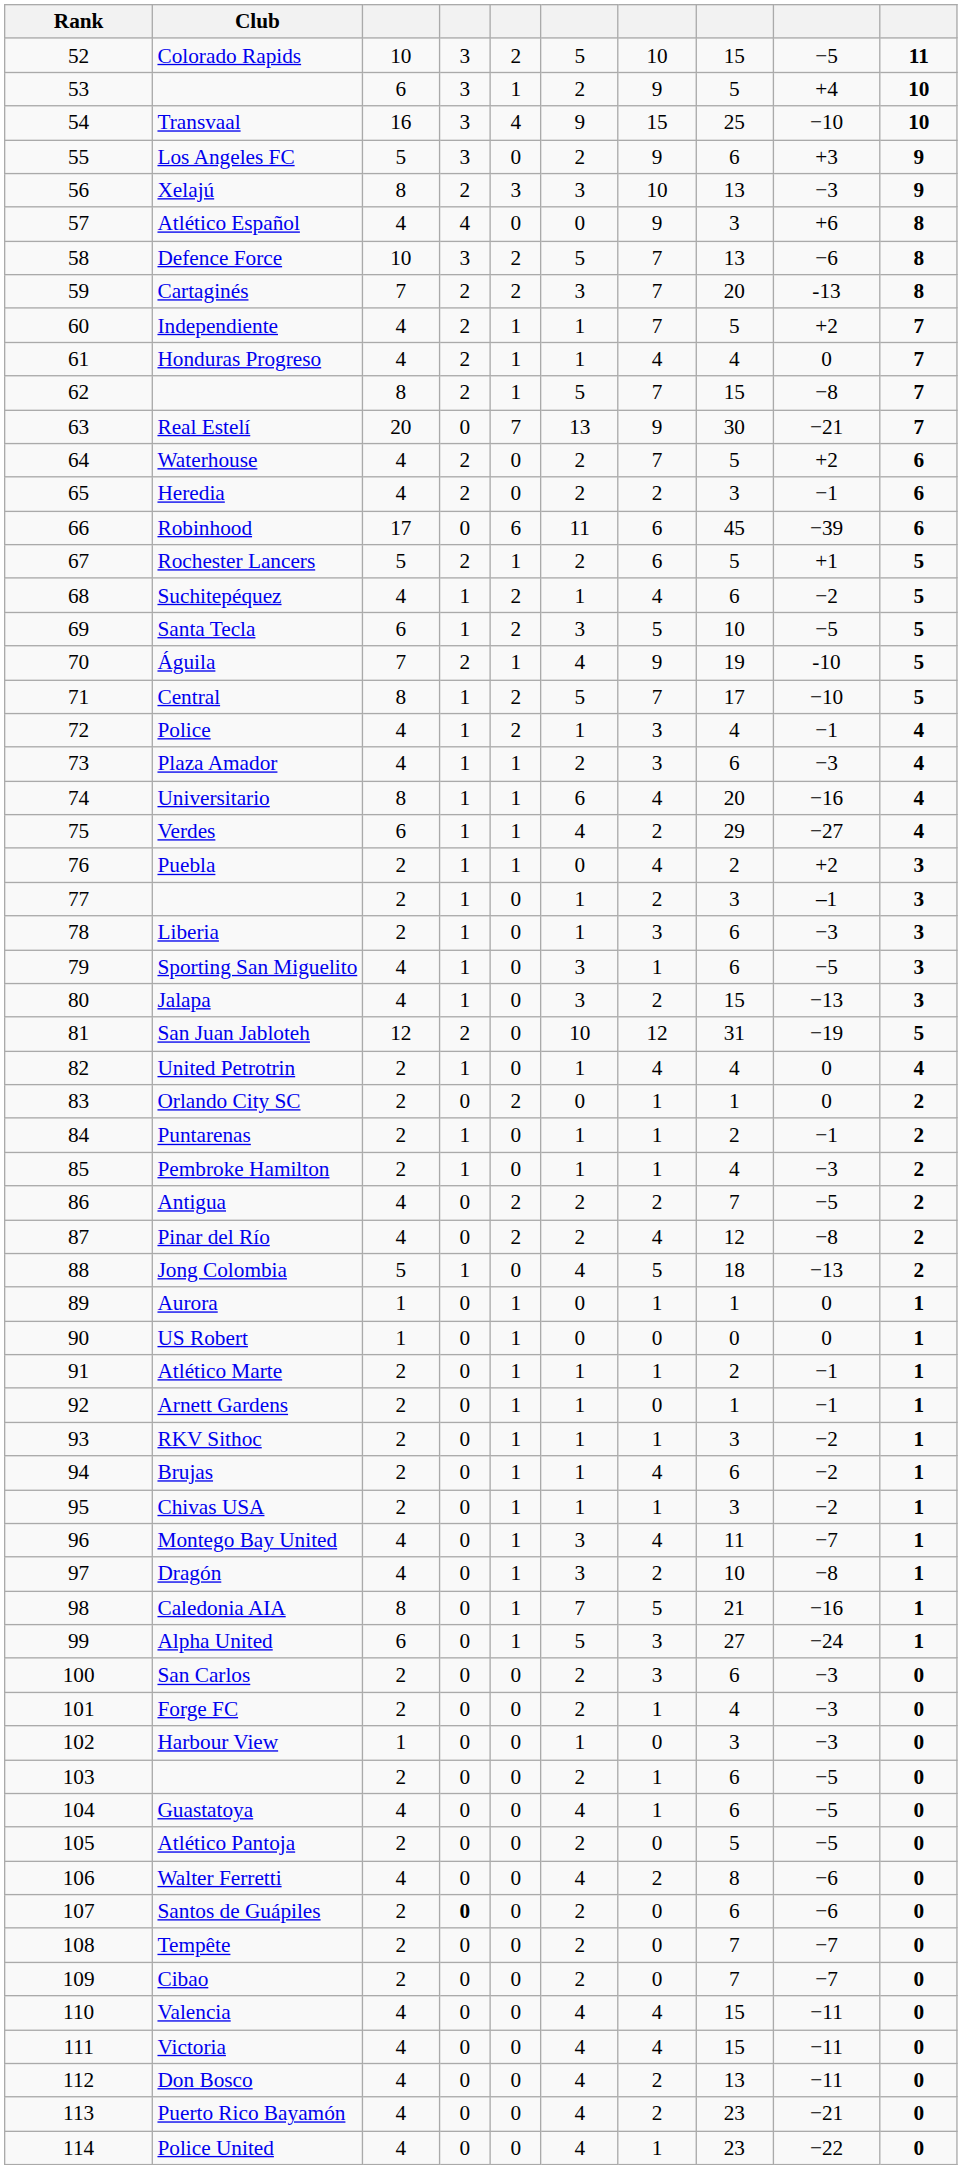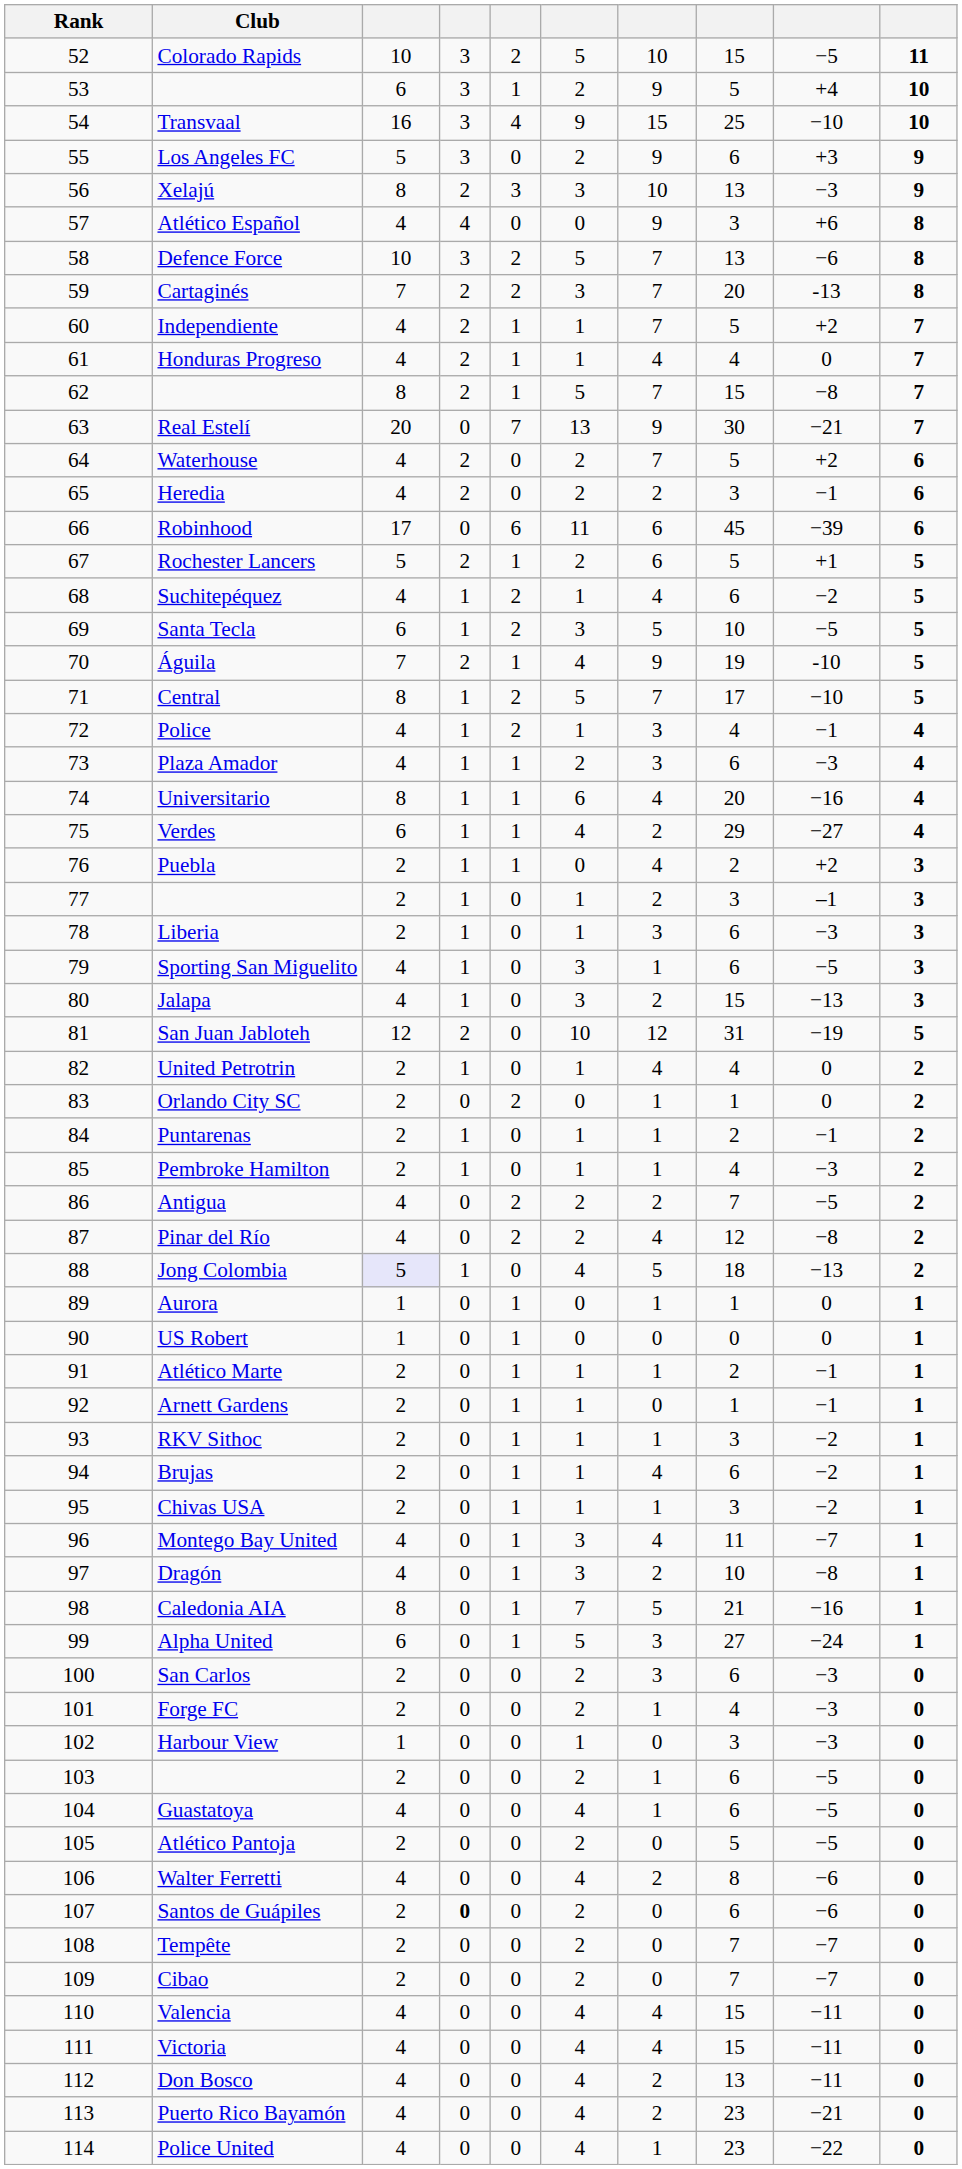 <table class="wikitable sortable" style="text-align:center">
 <tr>
 <th>Rank</th>
 <th width=22%>Club</th>
 <th></th>
 <th></th>
 <th></th>
 <th></th>
 <th></th>
 <th></th>
 <th></th>
 <th></th>
 </tr>
 <tr>
 <td>52</td>
 <td align=left> <a href='#'>Colorado Rapids</a></td>
 <td>10</td>
 <td>3</td>
 <td>2</td>
 <td>5</td>
 <td>10</td>
 <td>15</td>
 <td>−5</td>
 <td><strong>11</strong></td>
 </tr>
 <tr>
 <td>53</td>
 <td align=left></td>
 <td>6</td>
 <td>3</td>
 <td>1</td>
 <td>2</td>
 <td>9</td>
 <td>5</td>
 <td>+4</td>
 <td><strong>10</strong></td>
 </tr>
 <tr>
 <td>54</td>
 <td align=left> <a href='#'>Transvaal</a></td>
 <td>16</td>
 <td>3</td>
 <td>4</td>
 <td>9</td>
 <td>15</td>
 <td>25</td>
 <td>−10</td>
 <td><strong>10</strong></td>
 </tr>
 <tr>
 <td>55</td>
 <td align="left"> <a href='#'>Los Angeles FC</a></td>
 <td>5</td>
 <td>3</td>
 <td>0</td>
 <td>2</td>
 <td>9</td>
 <td>6</td>
 <td>+3</td>
 <td><strong>9</strong></td>
 </tr>
 <tr>
 <td>56</td>
 <td align=left> <a href='#'>Xelajú</a></td>
 <td>8</td>
 <td>2</td>
 <td>3</td>
 <td>3</td>
 <td>10</td>
 <td>13</td>
 <td>−3</td>
 <td><strong>9</strong></td>
 </tr>
 <tr>
 <td>57</td>
 <td align=left> <a href='#'>Atlético Español</a></td>
 <td>4</td>
 <td>4</td>
 <td>0</td>
 <td>0</td>
 <td>9</td>
 <td>3</td>
 <td>+6</td>
 <td><strong>8</strong></td>
 </tr>
 <tr>
 <td>58</td>
 <td align=left> <a href='#'>Defence Force</a></td>
 <td>10</td>
 <td>3</td>
 <td>2</td>
 <td>5</td>
 <td>7</td>
 <td>13</td>
 <td>−6</td>
 <td><strong>8</strong></td>
 </tr>
 <tr>
 <td>59</td>
 <td align=left> <a href='#'>Cartaginés</a></td>
 <td>7</td>
 <td>2</td>
 <td>2</td>
 <td>3</td>
 <td>7</td>
 <td>20</td>
 <td>-13</td>
 <td><strong>8</strong></td>
 </tr>
 <tr>
 <td>60</td>
 <td align=left> <a href='#'>Independiente</a></td>
 <td>4</td>
 <td>2</td>
 <td>1</td>
 <td>1</td>
 <td>7</td>
 <td>5</td>
 <td>+2</td>
 <td><strong>7</strong></td>
 </tr>
 <tr>
 <td>61</td>
 <td align="left"> <a href='#'>Honduras Progreso</a></td>
 <td>4</td>
 <td>2</td>
 <td>1</td>
 <td>1</td>
 <td>4</td>
 <td>4</td>
 <td>0</td>
 <td><strong>7</strong></td>
 </tr>
 <tr>
 <td>62</td>
 <td align=left></td>
 <td>8</td>
 <td>2</td>
 <td>1</td>
 <td>5</td>
 <td>7</td>
 <td>15</td>
 <td>−8</td>
 <td><strong>7</strong></td>
 </tr>
 <tr>
 <td>63</td>
 <td align="left"> <a href='#'>Real Estelí</a></td>
 <td>20</td>
 <td>0</td>
 <td>7</td>
 <td>13</td>
 <td>9</td>
 <td>30</td>
 <td>−21</td>
 <td><strong>7</strong></td>
 </tr>
 <tr>
 <td>64</td>
 <td align="left"> <a href='#'>Waterhouse</a></td>
 <td>4</td>
 <td>2</td>
 <td>0</td>
 <td>2</td>
 <td>7</td>
 <td>5</td>
 <td>+2</td>
 <td><strong>6</strong></td>
 </tr>
 <tr>
 <td>65</td>
 <td align="left"> <a href='#'>Heredia</a></td>
 <td>4</td>
 <td>2</td>
 <td>0</td>
 <td>2</td>
 <td>2</td>
 <td>3</td>
 <td>−1</td>
 <td><strong>6</strong></td>
 </tr>
 <tr>
 <td>66</td>
 <td align=left> <a href='#'>Robinhood</a></td>
 <td>17</td>
 <td>0</td>
 <td>6</td>
 <td>11</td>
 <td>6</td>
 <td>45</td>
 <td>−39</td>
 <td><strong>6</strong></td>
 </tr>
 <tr>
 <td>67</td>
 <td align=left> <a href='#'>Rochester Lancers</a></td>
 <td>5</td>
 <td>2</td>
 <td>1</td>
 <td>2</td>
 <td>6</td>
 <td>5</td>
 <td>+1</td>
 <td><strong>5</strong></td>
 </tr>
 <tr>
 <td>68</td>
 <td align="left"> <a href='#'>Suchitepéquez</a></td>
 <td>4</td>
 <td>1</td>
 <td>2</td>
 <td>1</td>
 <td>4</td>
 <td>6</td>
 <td>−2</td>
 <td><strong>5</strong></td>
 </tr>
 <tr>
 <td>69</td>
 <td align="left"> <a href='#'>Santa Tecla</a></td>
 <td>6</td>
 <td>1</td>
 <td>2</td>
 <td>3</td>
 <td>5</td>
 <td>10</td>
 <td>−5</td>
 <td><strong>5</strong></td>
 </tr>
 <tr>
 <td>70</td>
 <td align=left> <a href='#'>Águila</a></td>
 <td>7</td>
 <td>2</td>
 <td>1</td>
 <td>4</td>
 <td>9</td>
 <td>19</td>
 <td>-10</td>
 <td><strong>5</strong></td>
 </tr>
 <tr>
 <td>71</td>
 <td align="left"> <a href='#'>Central</a></td>
 <td>8</td>
 <td>1</td>
 <td>2</td>
 <td>5</td>
 <td>7</td>
 <td>17</td>
 <td>−10</td>
 <td><strong>5</strong></td>
 </tr>
 <tr>
 <td>72</td>
 <td align=left> <a href='#'>Police</a></td>
 <td>4</td>
 <td>1</td>
 <td>2</td>
 <td>1</td>
 <td>3</td>
 <td>4</td>
 <td>−1</td>
 <td><strong>4</strong></td>
 </tr>
 <tr>
 <td>73</td>
 <td align="left"> <a href='#'>Plaza Amador</a></td>
 <td>4</td>
 <td>1</td>
 <td>1</td>
 <td>2</td>
 <td>3</td>
 <td>6</td>
 <td>−3</td>
 <td><strong>4</strong></td>
 </tr>
 <tr>
 <td>74</td>
 <td align="left"> <a href='#'>Universitario</a></td>
 <td>8</td>
 <td>1</td>
 <td>1</td>
 <td>6</td>
 <td>4</td>
 <td>20</td>
 <td>−16</td>
 <td><strong>4</strong></td>
 </tr>
 <tr>
 <td>75</td>
 <td align="left"> <a href='#'>Verdes</a></td>
 <td>6</td>
 <td>1</td>
 <td>1</td>
 <td>4</td>
 <td>2</td>
 <td>29</td>
 <td>−27</td>
 <td><strong>4</strong></td>
 </tr>
 <tr>
 <td>76</td>
 <td align=left> <a href='#'>Puebla</a></td>
 <td>2</td>
 <td>1</td>
 <td>1</td>
 <td>0</td>
 <td>4</td>
 <td>2</td>
 <td>+2</td>
 <td><strong>3</strong></td>
 </tr>
 <tr>
 <td>77</td>
 <td align=left></td>
 <td>2</td>
 <td>1</td>
 <td>0</td>
 <td>1</td>
 <td>2</td>
 <td>3</td>
 <td>–1</td>
 <td><strong>3</strong></td>
 </tr>
 <tr>
 <td>78</td>
 <td align="left"> <a href='#'>Liberia</a></td>
 <td>2</td>
 <td>1</td>
 <td>0</td>
 <td>1</td>
 <td>3</td>
 <td>6</td>
 <td>−3</td>
 <td><strong>3</strong></td>
 </tr>
 <tr>
 <td>79</td>
 <td align="left"> <a href='#'>Sporting San Miguelito</a></td>
 <td>4</td>
 <td>1</td>
 <td>0</td>
 <td>3</td>
 <td>1</td>
 <td>6</td>
 <td>−5</td>
 <td><strong>3</strong></td>
 </tr>
 <tr>
 <td>80</td>
 <td align="left"> <a href='#'>Jalapa</a></td>
 <td>4</td>
 <td>1</td>
 <td>0</td>
 <td>3</td>
 <td>2</td>
 <td>15</td>
 <td>−13</td>
 <td><strong>3</strong></td>
 </tr>
 <tr>
 <td>81</td>
 <td align="left"> <a href='#'>San Juan Jabloteh</a></td>
 <td>12</td>
 <td>2</td>
 <td>0</td>
 <td>10</td>
 <td>12</td>
 <td>31</td>
 <td>−19</td>
 <td><strong>5</strong></td>
 </tr>
 <tr>
 <td>82</td>
 <td align=left> <a href='#'>United Petrotrin</a></td>
 <td>2</td>
 <td>1</td>
 <td>0</td>
 <td>1</td>
 <td>4</td>
 <td>4</td>
 <td>0</td>
-<td><strong>4</strong></td>
+<td><strong>2</strong></td>
 </tr>
 <tr>
 <td>83</td>
 <td align="left"> <a href='#'>Orlando City SC</a></td>
 <td>2</td>
 <td>0</td>
 <td>2</td>
 <td>0</td>
 <td>1</td>
 <td>1</td>
 <td>0</td>
 <td><strong>2</strong></td>
 </tr>
 <tr>
 <td>84</td>
 <td align=left> <a href='#'>Puntarenas</a></td>
 <td>2</td>
 <td>1</td>
 <td>0</td>
 <td>1</td>
 <td>1</td>
 <td>2</td>
 <td>−1</td>
 <td><strong>2</strong></td>
 </tr>
 <tr>
 <td>85</td>
 <td align=left> <a href='#'>Pembroke Hamilton</a></td>
 <td>2</td>
 <td>1</td>
 <td>0</td>
 <td>1</td>
 <td>1</td>
 <td>4</td>
 <td>−3</td>
 <td><strong>2</strong></td>
 </tr>
 <tr>
 <td>86</td>
 <td align="left"> <a href='#'>Antigua</a></td>
 <td>4</td>
 <td>0</td>
 <td>2</td>
 <td>2</td>
 <td>2</td>
 <td>7</td>
 <td>−5</td>
 <td><strong>2</strong></td>
 </tr>
 <tr>
 <td>87</td>
 <td align=left> <a href='#'>Pinar del Río</a></td>
 <td>4</td>
 <td>0</td>
 <td>2</td>
 <td>2</td>
 <td>4</td>
 <td>12</td>
 <td>−8</td>
 <td><strong>2</strong></td>
 </tr>
 <tr>
 <td>88</td>
 <td align=left> <a href='#'>Jong Colombia</a></td>
-<td>5</td>
+<td style="background: lavender;">5</td>
 <td>1</td>
 <td>0</td>
 <td>4</td>
 <td>5</td>
 <td>18</td>
 <td>−13</td>
 <td><strong>2</strong></td>
 </tr>
 <tr>
 <td>89</td>
 <td align=left> <a href='#'>Aurora</a></td>
 <td>1</td>
 <td>0</td>
 <td>1</td>
 <td>0</td>
 <td>1</td>
 <td>1</td>
 <td>0</td>
 <td><strong>1</strong></td>
 </tr>
 <tr>
 <td>90</td>
 <td align=left> <a href='#'>US Robert</a></td>
 <td>1</td>
 <td>0</td>
 <td>1</td>
 <td>0</td>
 <td>0</td>
 <td>0</td>
 <td>0</td>
 <td><strong>1</strong></td>
 </tr>
 <tr>
 <td>91</td>
 <td align=left> <a href='#'>Atlético Marte</a></td>
 <td>2</td>
 <td>0</td>
 <td>1</td>
 <td>1</td>
 <td>1</td>
 <td>2</td>
 <td>−1</td>
 <td><strong>1</strong></td>
 </tr>
 <tr>
 <td>92</td>
 <td align=left> <a href='#'>Arnett Gardens</a></td>
 <td>2</td>
 <td>0</td>
 <td>1</td>
 <td>1</td>
 <td>0</td>
 <td>1</td>
 <td>−1</td>
 <td><strong>1</strong></td>
 </tr>
 <tr>
 <td>93</td>
 <td align=left> <a href='#'>RKV Sithoc</a></td>
 <td>2</td>
 <td>0</td>
 <td>1</td>
 <td>1</td>
 <td>1</td>
 <td>3</td>
 <td>−2</td>
 <td><strong>1</strong></td>
 </tr>
 <tr>
 <td>94</td>
 <td align="left"> <a href='#'>Brujas</a></td>
 <td>2</td>
 <td>0</td>
 <td>1</td>
 <td>1</td>
 <td>4</td>
 <td>6</td>
 <td>−2</td>
 <td><strong>1</strong></td>
 </tr>
 <tr>
 <td>95</td>
 <td align="left"> <a href='#'>Chivas USA</a></td>
 <td>2</td>
 <td>0</td>
 <td>1</td>
 <td>1</td>
 <td>1</td>
 <td>3</td>
 <td>−2</td>
 <td><strong>1</strong></td>
 </tr>
 <tr>
 <td>96</td>
 <td align="left"> <a href='#'>Montego Bay United</a></td>
 <td>4</td>
 <td>0</td>
 <td>1</td>
 <td>3</td>
 <td>4</td>
 <td>11</td>
 <td>−7</td>
 <td><strong>1</strong></td>
 </tr>
 <tr>
 <td>97</td>
 <td align="left"> <a href='#'>Dragón</a></td>
 <td>4</td>
 <td>0</td>
 <td>1</td>
 <td>3</td>
 <td>2</td>
 <td>10</td>
 <td>−8</td>
 <td><strong>1</strong></td>
 </tr>
 <tr>
 <td>98</td>
 <td align="left"> <a href='#'>Caledonia AIA</a></td>
 <td>8</td>
 <td>0</td>
 <td>1</td>
 <td>7</td>
 <td>5</td>
 <td>21</td>
 <td>−16</td>
 <td><strong>1</strong></td>
 </tr>
 <tr>
 <td>99</td>
 <td align="left"> <a href='#'>Alpha United</a></td>
 <td>6</td>
 <td>0</td>
 <td>1</td>
 <td>5</td>
 <td>3</td>
 <td>27</td>
 <td>−24</td>
 <td><strong>1</strong></td>
 </tr>
 <tr>
 <td>100</td>
 <td align="left"> <a href='#'>San Carlos</a></td>
 <td>2</td>
 <td>0</td>
 <td>0</td>
 <td>2</td>
 <td>3</td>
 <td>6</td>
 <td>−3</td>
 <td><strong>0</strong></td>
 </tr>
 <tr>
 <td>101</td>
 <td align="left"> <a href='#'>Forge FC</a></td>
 <td>2</td>
 <td>0</td>
 <td>0</td>
 <td>2</td>
 <td>1</td>
 <td>4</td>
 <td>−3</td>
 <td><strong>0</strong></td>
 </tr>
 <tr>
 <td>102</td>
 <td align="left"> <a href='#'>Harbour View</a></td>
 <td>1</td>
 <td>0</td>
 <td>0</td>
 <td>1</td>
 <td>0</td>
 <td>3</td>
 <td>−3</td>
 <td><strong>0</strong></td>
 </tr>
 <tr>
 <td>103</td>
 <td align="left"></td>
 <td>2</td>
 <td>0</td>
 <td>0</td>
 <td>2</td>
 <td>1</td>
 <td>6</td>
 <td>−5</td>
 <td><strong>0</strong></td>
 </tr>
 <tr>
 <td>104</td>
 <td align="left"> <a href='#'>Guastatoya</a></td>
 <td>4</td>
 <td>0</td>
 <td>0</td>
 <td>4</td>
 <td>1</td>
 <td>6</td>
 <td>−5</td>
 <td><strong>0</strong></td>
 </tr>
 <tr>
 <td>105</td>
 <td align="left"> <a href='#'>Atlético Pantoja</a></td>
 <td>2</td>
 <td>0</td>
 <td>0</td>
 <td>2</td>
 <td>0</td>
 <td>5</td>
 <td>−5</td>
 <td><strong>0</strong></td>
 </tr>
 <tr>
 <td>106</td>
 <td align="left"> <a href='#'>Walter Ferretti</a></td>
 <td>4</td>
 <td>0</td>
 <td>0</td>
 <td>4</td>
 <td>2</td>
 <td>8</td>
 <td>−6</td>
 <td><strong>0</strong></td>
 </tr>
 <tr>
 <td>107</td>
 <td align="left"> <a href='#'>Santos de Guápiles</a></td>
 <td>2</td>
 <td><strong>0</strong></td>
 <td>0</td>
 <td>2</td>
 <td>0</td>
 <td>6</td>
 <td>−6</td>
 <td><strong>0</strong></td>
 </tr>
 <tr>
 <td>108</td>
 <td align="left"> <a href='#'>Tempête</a></td>
 <td>2</td>
 <td>0</td>
 <td>0</td>
 <td>2</td>
 <td>0</td>
 <td>7</td>
 <td>−7</td>
 <td><strong>0</strong></td>
 </tr>
 <tr>
 <td>109</td>
 <td align="left"> <a href='#'>Cibao</a></td>
 <td>2</td>
 <td>0</td>
 <td>0</td>
 <td>2</td>
 <td>0</td>
 <td>7</td>
 <td>−7</td>
 <td><strong>0</strong></td>
 </tr>
 <tr>
 <td>110</td>
 <td align="left"> <a href='#'>Valencia</a></td>
 <td>4</td>
 <td>0</td>
 <td>0</td>
 <td>4</td>
 <td>4</td>
 <td>15</td>
 <td>−11</td>
 <td><strong>0</strong></td>
 </tr>
 <tr>
 <td>111</td>
 <td align="left"> <a href='#'>Victoria</a></td>
 <td>4</td>
 <td>0</td>
 <td>0</td>
 <td>4</td>
 <td>4</td>
 <td>15</td>
 <td>−11</td>
 <td><strong>0</strong></td>
 </tr>
 <tr>
 <td>112</td>
 <td align="left"> <a href='#'>Don Bosco</a></td>
 <td>4</td>
 <td>0</td>
 <td>0</td>
 <td>4</td>
 <td>2</td>
 <td>13</td>
 <td>−11</td>
 <td><strong>0</strong></td>
 </tr>
 <tr>
 <td>113</td>
 <td align="left"> <a href='#'>Puerto Rico Bayamón</a></td>
 <td>4</td>
 <td>0</td>
 <td>0</td>
 <td>4</td>
 <td>2</td>
 <td>23</td>
 <td>−21</td>
 <td><strong>0</strong></td>
 </tr>
 <tr>
 <td>114</td>
 <td align="left"> <a href='#'>Police United</a></td>
 <td>4</td>
 <td>0</td>
 <td>0</td>
 <td>4</td>
 <td>1</td>
 <td>23</td>
 <td>−22</td>
 <td><strong>0</strong></td>
 </tr>
 </table>
